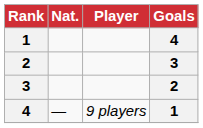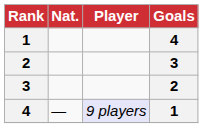 <table class="wikitable sortable" style="text-align: left;">
 <tr>
 <th style="background:#d02e35; color:#fff;">Rank</th>
 <th style="background:#d02e35; color:#fff;">Nat.</th>
 <th style="background:#d02e35; color:#fff;">Player</th>
 <th style="background:#d02e35; color:#fff;">Goals</th>
 </tr>
 <tr>
 <th>1</th>
 <td></td>
 <td></td>
 <th>4</th>
 </tr>
 <tr>
 <th>2</th>
 <td></td>
 <td></td>
 <th>3</th>
 </tr>
 <tr>
 <th>3</th>
 <td></td>
 <td></td>
 <th>2</th>
 </tr>
 <tr>
 <th>4</th>
 <td>—</td>
-<td><em>9 players</em></td>
+<td style="background: lavender;"><em>9 players</em></td>
 <th>1</th>
 </tr>
 <tr>
 </tr>
 </table>
